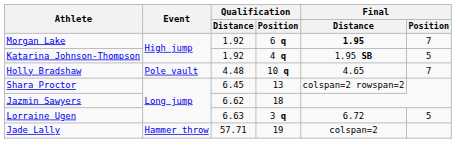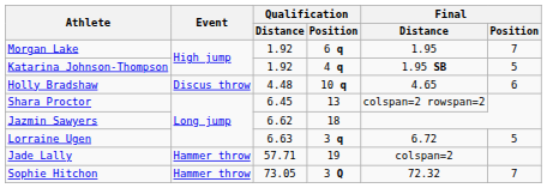 <table class=wikitable style="font-size:90%">
 <tr>
 <th rowspan="2">Athlete</th>
 <th rowspan="2">Event</th>
 <th colspan="2">Qualification</th>
 <th colspan="2">Final</th>
 </tr>
 <tr style="font-size:95%">
 <th>Distance</th>
 <th>Position</th>
 <th>Distance</th>
 <th>Position</th>
 </tr>
 <tr style=text-align:center>
 <td style=text-align:left><a href='#'>Morgan Lake</a></td>
 <td style=text-align:left rowspan=2><a href='#'>High jump</a></td>
 <td>1.92</td>
 <td>6 <strong>q</strong></td>
-<td><strong>1.95</strong></td>
+<td>1.95</td>
 <td>7</td>
 </tr>
 <tr style=text-align:center>
 <td style=text-align:left><a href='#'>Katarina Johnson-Thompson</a></td>
 <td>1.92</td>
 <td>4 <strong>q</strong></td>
 <td>1.95 <strong>SB</strong></td>
 <td>5</td>
 </tr>
 <tr style=text-align:center>
 <td style=text-align:left><a href='#'>Holly Bradshaw</a></td>
-<td style=text-align:left><a href='#'>Pole vault</a></td>
+<td style=text-align:left><a href='#'>Discus throw</a></td>
 <td>4.48</td>
 <td>10 <strong>q</strong></td>
 <td>4.65</td>
-<td>7</td>
+<td>6</td>
 </tr>
 <tr style=text-align:center>
 <td style=text-align:left><a href='#'>Shara Proctor</a></td>
 <td style=text-align:left rowspan=3><a href='#'>Long jump</a></td>
 <td>6.45</td>
 <td>13</td>
 <td>colspan=2 rowspan=2 </td>
 </tr>
 <tr style=text-align:center>
 <td style=text-align:left><a href='#'>Jazmin Sawyers</a></td>
 <td>6.62</td>
 <td>18</td>
 </tr>
 <tr style=text-align:center>
 <td style=text-align:left><a href='#'>Lorraine Ugen</a></td>
 <td>6.63</td>
 <td>3 <strong>q</strong></td>
 <td>6.72</td>
 <td>5</td>
 </tr>
 <tr style=text-align:center>
 <td style=text-align:left><a href='#'>Jade Lally</a></td>
 <td style=text-align:left><a href='#'>Hammer throw</a></td>
 <td>57.71</td>
 <td>19</td>
 <td>colspan=2 </td>
 </tr>
+<tr style=text-align:center>
+<td style=text-align:left><a href='#'>Sophie Hitchon</a></td>
+<td style=text-align:left><a href='#'>Hammer throw</a></td>
+<td>73.05</td>
+<td>3 <strong>Q</strong></td>
+<td>72.32</td>
+<td>7</td>
+</tr>
 </table>
